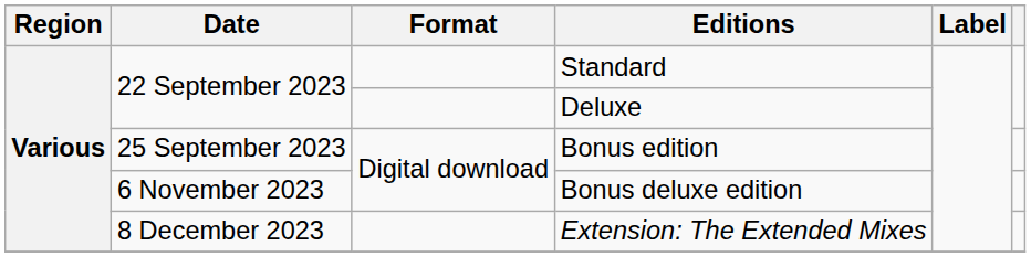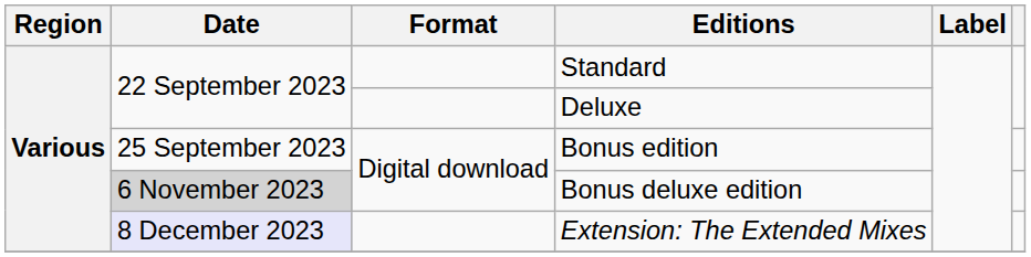 <table class="wikitable plainrowheaders">
 <tr>
 <th scope="col">Region</th>
 <th scope="col">Date</th>
 <th scope="col">Format</th>
 <th scope="col">Editions</th>
 <th scope="col">Label</th>
 <th scope="col"></th>
 </tr>
 <tr>
 <th scope="row" rowspan="5">Various</th>
 <td rowspan="2">22 September 2023</td>
 <td></td>
 <td>Standard</td>
 <td rowspan="5"></td>
 <td rowspan="2" style="text-align:center;"></td>
 </tr>
 <tr>
 <td></td>
 <td>Deluxe</td>
 </tr>
 <tr>
 <td>25 September 2023</td>
 <td rowspan="2">Digital download</td>
 <td>Bonus edition</td>
 <td></td>
 </tr>
 <tr>
-<td>6 November 2023</td>
+<td style="background: lightgrey;">6 November 2023</td>
 <td>Bonus deluxe edition</td>
 <td></td>
 </tr>
 <tr>
-<td>8 December 2023</td>
+<td style="background: lavender;">8 December 2023</td>
 <td></td>
 <td><em>Extension: The Extended Mixes</em></td>
 <td></td>
 </tr>
 <tr>
 </tr>
 </table>
